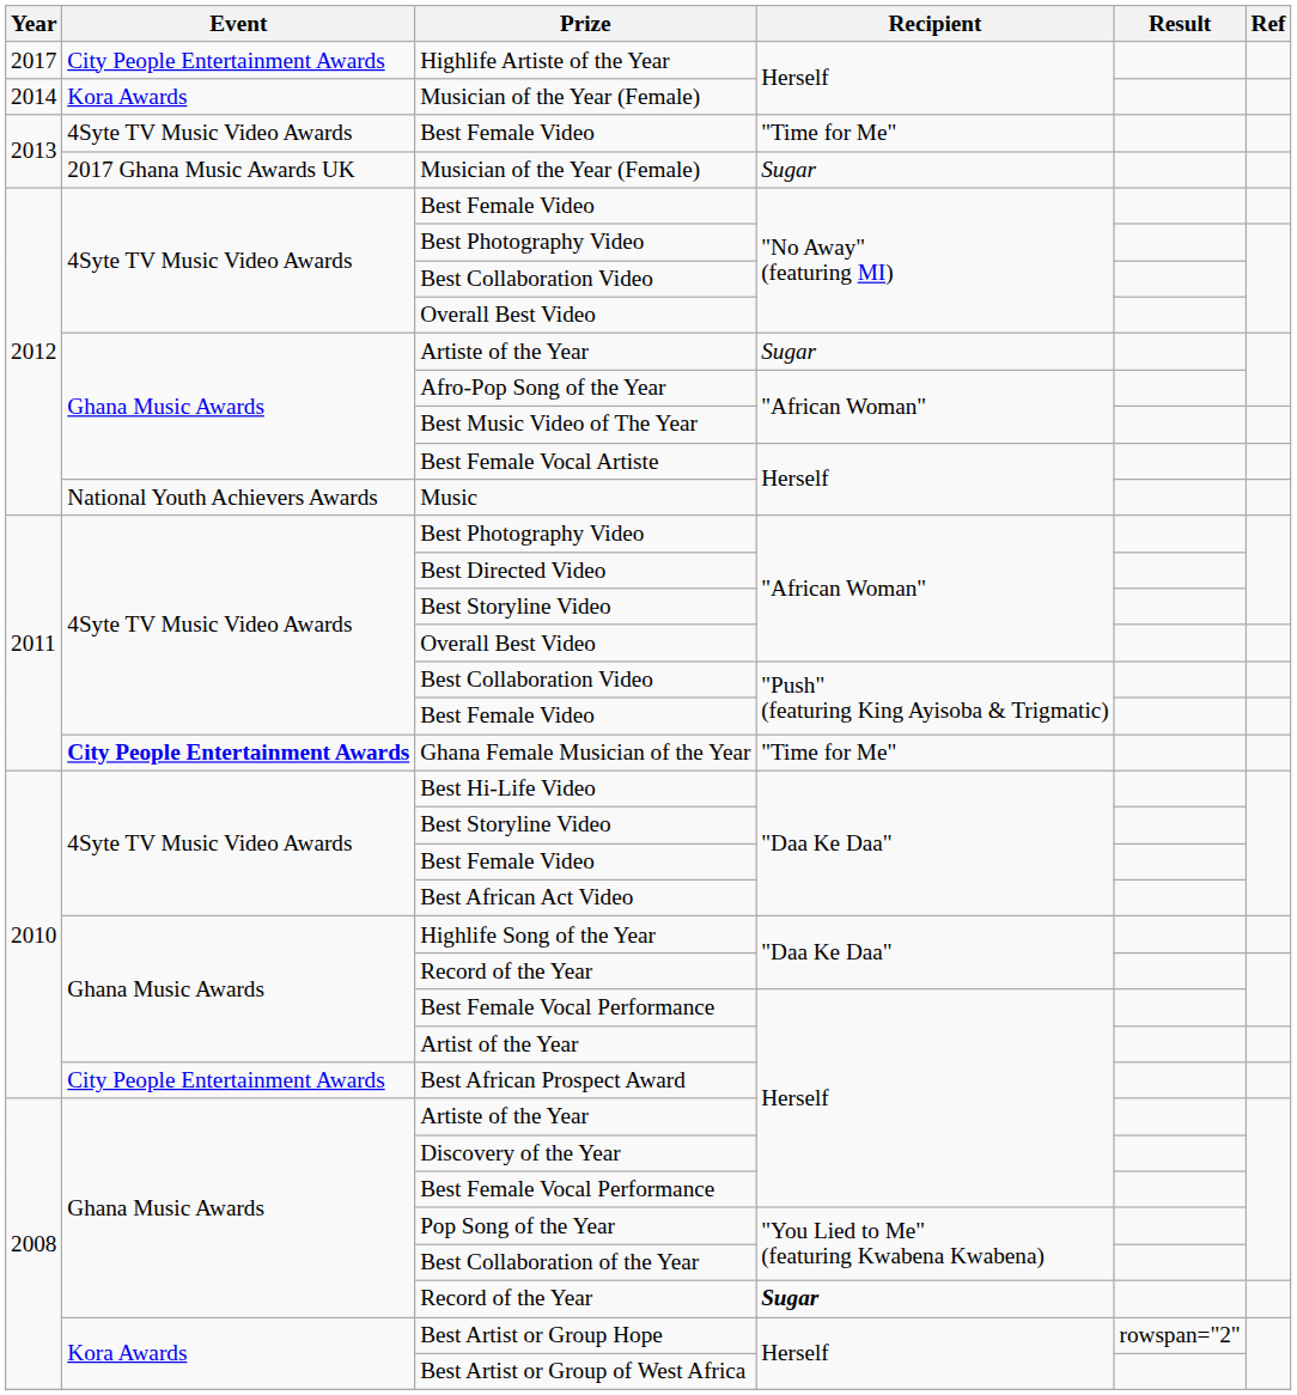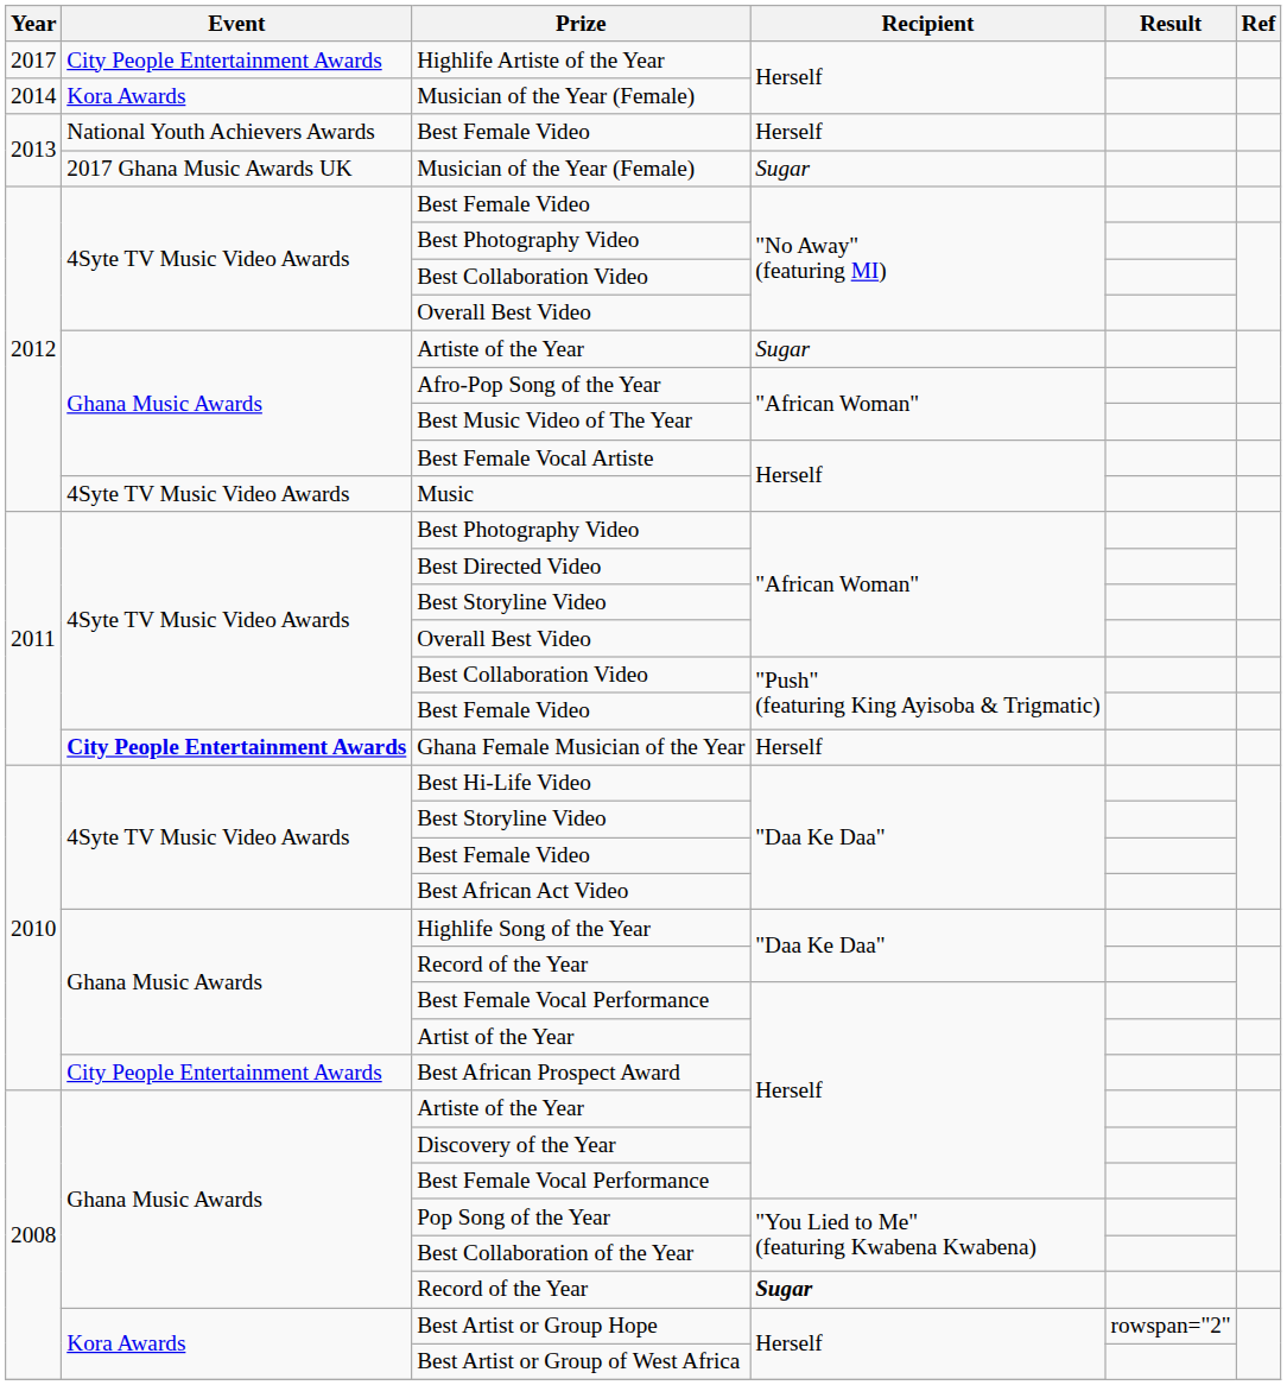 <table class="wikitable">
 <tr>
 <th>Year</th>
 <th>Event</th>
 <th>Prize</th>
 <th>Recipient</th>
 <th>Result</th>
 <th>Ref</th>
 </tr>
 <tr>
 <td>2017</td>
 <td><a href='#'>City People Entertainment Awards</a></td>
 <td>Highlife Artiste of the Year</td>
 <td rowspan="2">Herself</td>
 <td></td>
 <td></td>
 </tr>
 <tr>
 <td>2014</td>
 <td><a href='#'>Kora Awards</a></td>
 <td>Musician of the Year (Female)</td>
 <td></td>
 <td></td>
 </tr>
 <tr>
 <td rowspan="2">2013</td>
-<td>4Syte TV Music Video Awards</td>
+<td>National Youth Achievers Awards</td>
 <td>Best Female Video</td>
-<td>"Time for Me"</td>
+<td>Herself</td>
 <td></td>
 <td></td>
 </tr>
 <tr>
 <td>2017 Ghana Music Awards UK</td>
 <td>Musician of the Year (Female)</td>
 <td><em>Sugar</em></td>
 <td></td>
 <td></td>
 </tr>
 <tr>
 <td rowspan="9">2012</td>
 <td rowspan="4">4Syte TV Music Video Awards</td>
 <td>Best Female Video</td>
 <td rowspan="4">"No Away" <br><span>(featuring <a href='#'>MI</a>)</span></td>
 <td></td>
 <td></td>
 </tr>
 <tr>
 <td>Best Photography Video</td>
 <td></td>
 <td rowspan="3"></td>
 </tr>
 <tr>
 <td>Best Collaboration Video</td>
 <td></td>
 </tr>
 <tr>
 <td>Overall Best Video</td>
 <td></td>
 </tr>
 <tr>
 <td rowspan="4"><a href='#'>Ghana Music Awards</a></td>
 <td>Artiste of the Year</td>
 <td><em>Sugar</em></td>
 <td></td>
 <td rowspan="2"></td>
 </tr>
 <tr>
 <td>Afro-Pop Song of the Year</td>
 <td rowspan="2">"African Woman"</td>
 <td></td>
 </tr>
 <tr>
 <td>Best Music Video of The Year</td>
 <td></td>
 <td></td>
 </tr>
 <tr>
 <td>Best Female Vocal Artiste</td>
 <td rowspan="2">Herself</td>
 <td></td>
 <td></td>
 </tr>
 <tr>
-<td>National Youth Achievers Awards</td>
+<td>4Syte TV Music Video Awards</td>
 <td>Music</td>
 <td></td>
 <td></td>
 </tr>
 <tr>
 <td rowspan="7">2011</td>
 <td rowspan="6">4Syte TV Music Video Awards</td>
 <td>Best Photography Video</td>
 <td rowspan="4">"African Woman"</td>
 <td></td>
 <td rowspan="3"></td>
 </tr>
 <tr>
 <td>Best Directed Video</td>
 <td></td>
 </tr>
 <tr>
 <td>Best Storyline Video</td>
 <td></td>
 </tr>
 <tr>
 <td>Overall Best Video</td>
 <td></td>
 <td></td>
 </tr>
 <tr>
 <td>Best Collaboration Video</td>
 <td rowspan="2">"Push" <br><span>(featuring King Ayisoba & Trigmatic)</span></td>
 <td></td>
 <td></td>
 </tr>
 <tr>
 <td>Best Female Video</td>
 <td></td>
 <td></td>
 </tr>
 <tr>
 <td><strong><a href='#'>City People Entertainment Awards</a></strong></td>
 <td>Ghana Female Musician of the Year</td>
-<td>"Time for Me"</td>
+<td>Herself</td>
 <td></td>
 <td></td>
 </tr>
 <tr>
 <td rowspan="9">2010</td>
 <td rowspan="4">4Syte TV Music Video Awards</td>
 <td>Best Hi-Life Video</td>
 <td rowspan="4">"Daa Ke Daa"</td>
 <td></td>
 <td rowspan="4"></td>
 </tr>
 <tr>
 <td>Best Storyline Video</td>
 <td></td>
 </tr>
 <tr>
 <td>Best Female Video</td>
 <td></td>
 </tr>
 <tr>
 <td>Best African Act Video</td>
 <td></td>
 </tr>
 <tr>
 <td rowspan="4">Ghana Music Awards</td>
 <td>Highlife Song of the Year</td>
 <td rowspan="2">"Daa Ke Daa"</td>
 <td></td>
 <td></td>
 </tr>
 <tr>
 <td>Record of the Year</td>
 <td></td>
 <td rowspan="2"></td>
 </tr>
 <tr>
 <td>Best Female Vocal Performance</td>
 <td rowspan="6">Herself</td>
 <td></td>
 </tr>
 <tr>
 <td>Artist of the Year</td>
 <td></td>
 <td></td>
 </tr>
 <tr>
 <td><a href='#'>City People Entertainment Awards</a></td>
 <td>Best African Prospect Award</td>
 <td></td>
 <td></td>
 </tr>
 <tr>
 <td rowspan="8">2008</td>
 <td rowspan="6">Ghana Music Awards</td>
 <td>Artiste of the Year</td>
 <td></td>
 <td rowspan="5"></td>
 </tr>
 <tr>
 <td>Discovery of the Year</td>
 <td></td>
 </tr>
 <tr>
 <td>Best Female Vocal Performance</td>
 <td></td>
 </tr>
 <tr>
 <td>Pop Song of the Year</td>
 <td rowspan="2">"You Lied to Me" <br><span>(featuring Kwabena Kwabena)</span></td>
 <td></td>
 </tr>
 <tr>
 <td>Best Collaboration of the Year</td>
 <td></td>
 </tr>
 <tr>
 <td>Record of the Year</td>
 <td><strong><em>Sugar</em></strong></td>
 <td></td>
 <td></td>
 </tr>
 <tr>
 <td rowspan="2"><a href='#'>Kora Awards</a> </td>
 <td>Best Artist or Group Hope</td>
 <td rowspan="2">Herself</td>
 <td>rowspan="2" </td>
 <td rowspan="2"></td>
 </tr>
 <tr>
 <td>Best Artist or Group of West Africa</td>
 </tr>
 <tr>
 </tr>
 </table>
